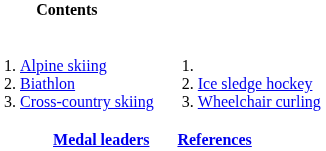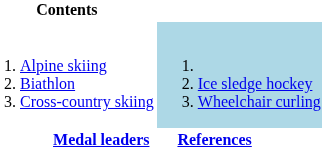 <table id="toc" class="toc" summary="Contents">
 <tr>
 <td align="center"><strong>Contents</strong></td>
 </tr>
 <tr>
 <td><br><ol><li><a href='#'>Alpine skiing</a></li><li><a href='#'>Biathlon</a></li><li><a href='#'>Cross-country skiing</a></li></ol></td>
-<td valign=top><br><ol><li><li><a href='#'>Ice sledge hockey</a></li><li><a href='#'>Wheelchair curling</a></li></ol></td>
+<td valign=top style="background: lightblue;"><br><ol><li><li><a href='#'>Ice sledge hockey</a></li><li><a href='#'>Wheelchair curling</a></li></ol></td>
 <td valign=top></td>
 </tr>
 <tr>
 <td align=center colspan=3><strong><a href='#'>Medal leaders</a></strong>       <strong><a href='#'>References</a></strong></td>
 </tr>
 </table>
